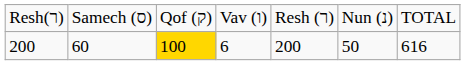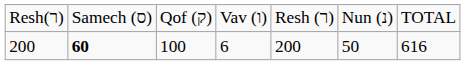 <table class="wikitable" style="margin:auto;">
 <tr>
 <td>Resh(ר)</td>
 <td>Samech (ס)</td>
 <td>Qof (ק)</td>
 <td>Vav (ו)</td>
 <td>Resh (ר)</td>
 <td>Nun (נ)</td>
 <td>TOTAL</td>
 </tr>
 <tr>
 <td>200</td>
-<td>60</td>
-<td style="background: gold;">100</td>
+<td><strong>60</strong></td>
+<td>100</td>
 <td>6</td>
 <td>200</td>
 <td>50</td>
 <td>616</td>
 </tr>
 </table>
